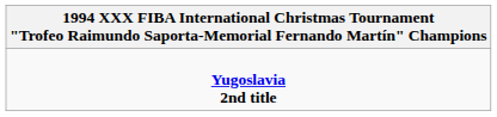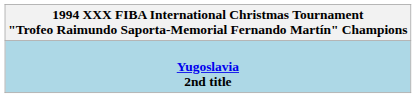 <table class=wikitable style="text-align:center; margin:auto">
 <tr>
 <th>1994 XXX FIBA International Christmas Tournament<br>"Trofeo Raimundo Saporta-Memorial Fernando Martín" Champions</th>
 </tr>
 <tr>
-<td><br><strong><a href='#'>Yugoslavia</a></strong><br><strong>2nd title</strong></td>
+<td style="background: lightblue;"><br><strong><a href='#'>Yugoslavia</a></strong><br><strong>2nd title</strong></td>
 </tr>
 </table>
